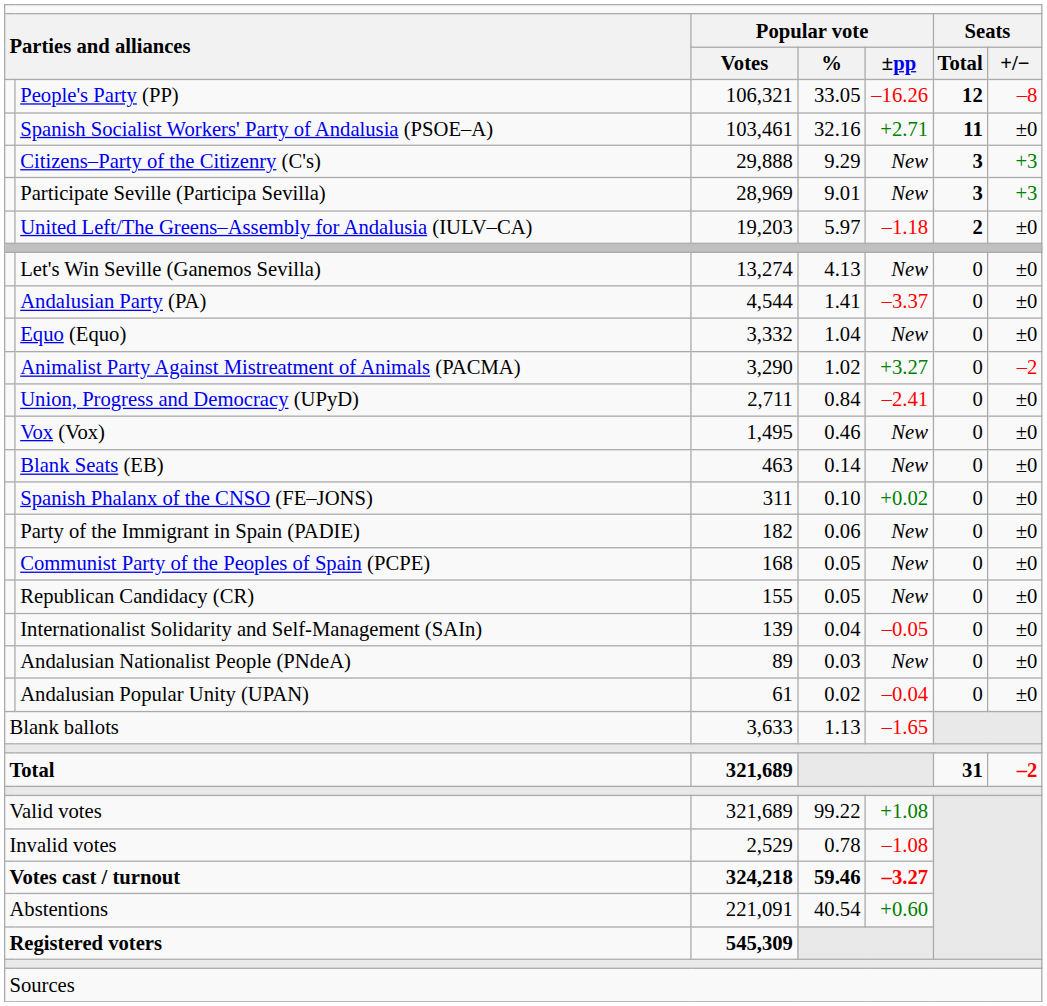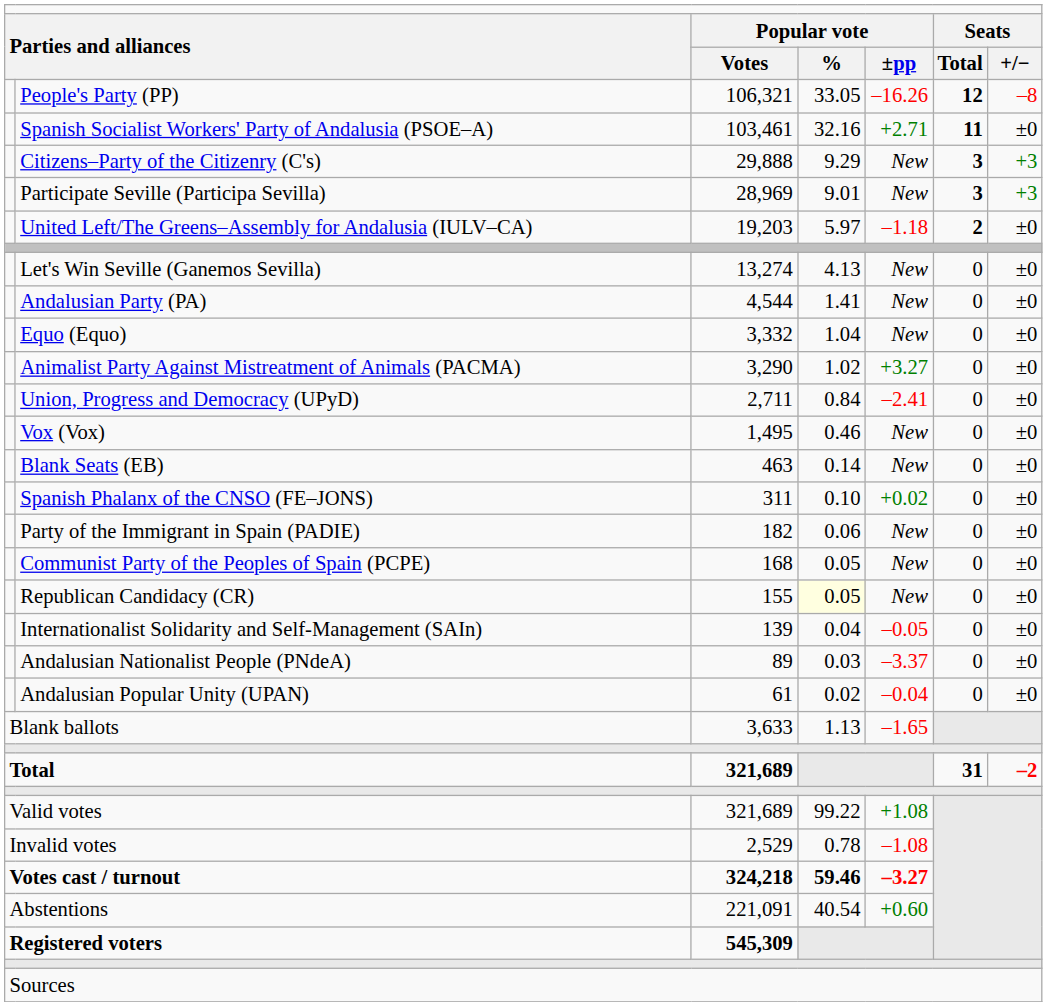 <table class="wikitable" style="text-align:right;">
 <tr>
 <td colspan="7"></td>
 </tr>
 <tr>
 <th style="text-align:left;" rowspan="2" colspan="2" width="525">Parties and alliances</th>
 <th colspan="3">Popular vote</th>
 <th colspan="2">Seats</th>
 </tr>
 <tr>
 <th width="75">Votes</th>
 <th width="45">%</th>
 <th width="45">±<a href='#'>pp</a></th>
 <th width="35">Total</th>
 <th width="35">+/−</th>
 </tr>
 <tr>
 <td width="1" style="color:inherit;background:"></td>
 <td align="left"><a href='#'>People's Party</a> (PP)</td>
 <td>106,321</td>
 <td>33.05</td>
 <td style="color:red;">–16.26</td>
 <td><strong>12</strong></td>
 <td style="color:red;">–8</td>
 </tr>
 <tr>
 <td style="color:inherit;background:"></td>
 <td align="left"><a href='#'>Spanish Socialist Workers' Party of Andalusia</a> (PSOE–A)</td>
 <td>103,461</td>
 <td>32.16</td>
 <td style="color:green;">+2.71</td>
 <td><strong>11</strong></td>
 <td>±0</td>
 </tr>
 <tr>
 <td style="color:inherit;background:"></td>
 <td align="left"><a href='#'>Citizens–Party of the Citizenry</a> (C's)</td>
 <td>29,888</td>
 <td>9.29</td>
 <td><em>New</em></td>
 <td><strong>3</strong></td>
 <td style="color:green;">+3</td>
 </tr>
 <tr>
 <td style="color:inherit;background:"></td>
 <td align="left">Participate Seville (Participa Sevilla)</td>
 <td>28,969</td>
 <td>9.01</td>
 <td><em>New</em></td>
 <td><strong>3</strong></td>
 <td style="color:green;">+3</td>
 </tr>
 <tr>
 <td style="color:inherit;background:"></td>
 <td align="left"><a href='#'>United Left/The Greens–Assembly for Andalusia</a> (IULV–CA)</td>
 <td>19,203</td>
 <td>5.97</td>
 <td style="color:red;">–1.18</td>
 <td><strong>2</strong></td>
 <td>±0</td>
 </tr>
 <tr>
 <td colspan="7" bgcolor="#C0C0C0"></td>
 </tr>
 <tr>
 <td style="color:inherit;background:"></td>
 <td align="left">Let's Win Seville (Ganemos Sevilla)</td>
 <td>13,274</td>
 <td>4.13</td>
 <td><em>New</em></td>
 <td>0</td>
 <td>±0</td>
 </tr>
 <tr>
 <td style="color:inherit;background:"></td>
 <td align="left"><a href='#'>Andalusian Party</a> (PA)</td>
 <td>4,544</td>
 <td>1.41</td>
-<td style="color:red;">–3.37</td>
+<td><em>New</em></td>
 <td>0</td>
 <td>±0</td>
 </tr>
 <tr>
 <td style="color:inherit;background:"></td>
 <td align="left"><a href='#'>Equo</a> (Equo)</td>
 <td>3,332</td>
 <td>1.04</td>
 <td><em>New</em></td>
 <td>0</td>
 <td>±0</td>
 </tr>
 <tr>
 <td style="color:inherit;background:"></td>
 <td align="left"><a href='#'>Animalist Party Against Mistreatment of Animals</a> (PACMA)</td>
 <td>3,290</td>
 <td>1.02</td>
 <td style="color:green;">+3.27</td>
 <td>0</td>
-<td style="color:red;">–2</td>
+<td>±0</td>
 </tr>
 <tr>
 <td style="color:inherit;background:"></td>
 <td align="left"><a href='#'>Union, Progress and Democracy</a> (UPyD)</td>
 <td>2,711</td>
 <td>0.84</td>
 <td style="color:red;">–2.41</td>
 <td>0</td>
 <td>±0</td>
 </tr>
 <tr>
 <td style="color:inherit;background:"></td>
 <td align="left"><a href='#'>Vox</a> (Vox)</td>
 <td>1,495</td>
 <td>0.46</td>
 <td><em>New</em></td>
 <td>0</td>
 <td>±0</td>
 </tr>
 <tr>
 <td style="color:inherit;background:"></td>
 <td align="left"><a href='#'>Blank Seats</a> (EB)</td>
 <td>463</td>
 <td>0.14</td>
 <td><em>New</em></td>
 <td>0</td>
 <td>±0</td>
 </tr>
 <tr>
 <td style="color:inherit;background:"></td>
 <td align="left"><a href='#'>Spanish Phalanx of the CNSO</a> (FE–JONS)</td>
 <td>311</td>
 <td>0.10</td>
 <td style="color:green;">+0.02</td>
 <td>0</td>
 <td>±0</td>
 </tr>
 <tr>
 <td style="color:inherit;background:"></td>
 <td align="left">Party of the Immigrant in Spain (PADIE)</td>
 <td>182</td>
 <td>0.06</td>
 <td><em>New</em></td>
 <td>0</td>
 <td>±0</td>
 </tr>
 <tr>
 <td style="color:inherit;background:"></td>
 <td align="left"><a href='#'>Communist Party of the Peoples of Spain</a> (PCPE)</td>
 <td>168</td>
 <td>0.05</td>
 <td><em>New</em></td>
 <td>0</td>
 <td>±0</td>
 </tr>
 <tr>
 <td style="color:inherit;background:"></td>
 <td align="left">Republican Candidacy (CR)</td>
 <td>155</td>
-<td>0.05</td>
+<td style="background: lightyellow;">0.05</td>
 <td><em>New</em></td>
 <td>0</td>
 <td>±0</td>
 </tr>
 <tr>
 <td style="color:inherit;background:"></td>
 <td align="left">Internationalist Solidarity and Self-Management (SAIn)</td>
 <td>139</td>
 <td>0.04</td>
 <td style="color:red;">–0.05</td>
 <td>0</td>
 <td>±0</td>
 </tr>
 <tr>
 <td style="color:inherit;background:"></td>
 <td align="left">Andalusian Nationalist People (PNdeA)</td>
 <td>89</td>
 <td>0.03</td>
-<td><em>New</em></td>
+<td style="color:red;">–3.37</td>
 <td>0</td>
 <td>±0</td>
 </tr>
 <tr>
 <td style="color:inherit;background:"></td>
 <td align="left">Andalusian Popular Unity (UPAN)</td>
 <td>61</td>
 <td>0.02</td>
 <td style="color:red;">–0.04</td>
 <td>0</td>
 <td>±0</td>
 </tr>
 <tr>
 <td align="left" colspan="2">Blank ballots</td>
 <td>3,633</td>
 <td>1.13</td>
 <td style="color:red;">–1.65</td>
 <td bgcolor="#E9E9E9" colspan="2"></td>
 </tr>
 <tr>
 <td colspan="7" bgcolor="#E9E9E9"></td>
 </tr>
 <tr style="font-weight:bold;">
 <td align="left" colspan="2">Total</td>
 <td>321,689</td>
 <td bgcolor="#E9E9E9" colspan="2"></td>
 <td>31</td>
 <td style="color:red;">–2</td>
 </tr>
 <tr>
 <td colspan="7" bgcolor="#E9E9E9"></td>
 </tr>
 <tr>
 <td align="left" colspan="2">Valid votes</td>
 <td>321,689</td>
 <td>99.22</td>
 <td style="color:green;">+1.08</td>
 <td bgcolor="#E9E9E9" colspan="2" rowspan="5"></td>
 </tr>
 <tr>
 <td align="left" colspan="2">Invalid votes</td>
 <td>2,529</td>
 <td>0.78</td>
 <td style="color:red;">–1.08</td>
 </tr>
 <tr style="font-weight:bold;">
 <td align="left" colspan="2">Votes cast / turnout</td>
 <td>324,218</td>
 <td>59.46</td>
 <td style="color:red;">–3.27</td>
 </tr>
 <tr>
 <td align="left" colspan="2">Abstentions</td>
 <td>221,091</td>
 <td>40.54</td>
 <td style="color:green;">+0.60</td>
 </tr>
 <tr style="font-weight:bold;">
 <td align="left" colspan="2">Registered voters</td>
 <td>545,309</td>
 <td bgcolor="#E9E9E9" colspan="2"></td>
 </tr>
 <tr>
 <td colspan="7" bgcolor="#E9E9E9"></td>
 </tr>
 <tr>
 <td align="left" colspan="7">Sources</td>
 </tr>
 </table>
